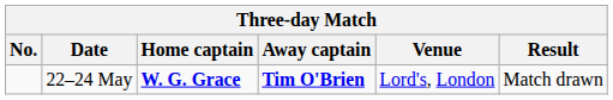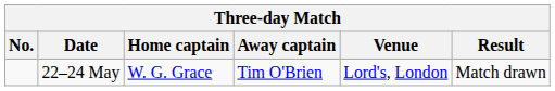 <table class="wikitable">
 <tr>
 <th colspan="9">Three-day Match</th>
 </tr>
 <tr>
 <th>No.</th>
 <th>Date</th>
 <th>Home captain</th>
 <th>Away captain</th>
 <th>Venue</th>
 <th>Result</th>
 </tr>
 <tr>
 <td></td>
 <td>22–24 May</td>
-<td><strong><a href='#'>W. G. Grace</a></strong></td>
-<td><strong><a href='#'>Tim O'Brien</a></strong></td>
+<td><a href='#'>W. G. Grace</a></td>
+<td><a href='#'>Tim O'Brien</a></td>
 <td><a href='#'>Lord's</a>, <a href='#'>London</a></td>
 <td>Match drawn</td>
 </tr>
 </table>
